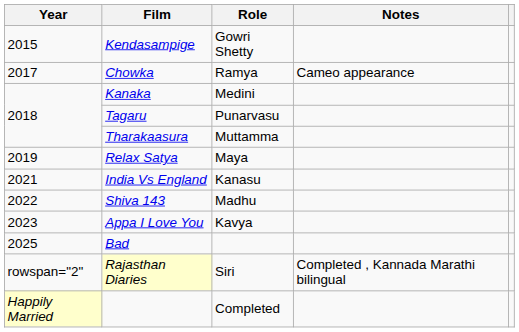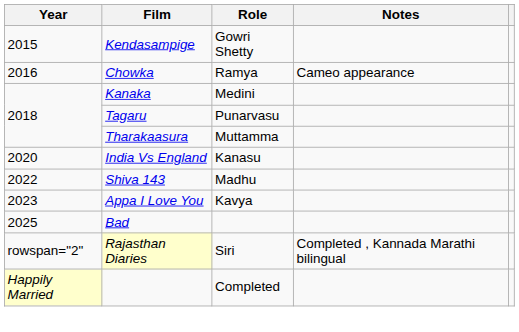 <table class="wikitable sortable">
 <tr>
 <th>Year</th>
 <th>Film</th>
 <th>Role</th>
 <th>Notes</th>
 <th></th>
 </tr>
 <tr>
 <td>2015</td>
 <td><em><a href='#'>Kendasampige</a></em></td>
 <td>Gowri Shetty</td>
 <td></td>
 <td></td>
 </tr>
 <tr>
-<td>2017</td>
+<td>2016</td>
 <td><em><a href='#'>Chowka</a></em></td>
 <td>Ramya</td>
 <td>Cameo appearance</td>
 <td></td>
 </tr>
 <tr>
 <td rowspan="3">2018</td>
 <td><em><a href='#'>Kanaka</a></em></td>
 <td>Medini</td>
 <td></td>
 <td></td>
 </tr>
 <tr>
 <td><em><a href='#'>Tagaru</a></em></td>
 <td>Punarvasu</td>
 <td></td>
 <td></td>
 </tr>
 <tr>
 <td><em><a href='#'>Tharakaasura</a></em></td>
 <td>Muttamma</td>
 <td></td>
 <td></td>
 </tr>
 <tr>
-<td>2019</td>
-<td><em><a href='#'>Relax Satya</a></em></td>
-<td>Maya</td>
-<td></td>
-<td></td>
-</tr>
-<tr>
-<td>2021</td>
+<td>2020</td>
 <td><em><a href='#'>India Vs England</a></em></td>
 <td>Kanasu</td>
 <td></td>
 <td></td>
 </tr>
 <tr>
 <td>2022</td>
 <td><em><a href='#'>Shiva 143</a></em></td>
 <td>Madhu</td>
 <td></td>
 <td></td>
 </tr>
 <tr>
 <td>2023</td>
 <td><em><a href='#'>Appa I Love You</a></em></td>
 <td>Kavya</td>
 <td></td>
 <td></td>
 </tr>
 <tr>
 <td>2025</td>
 <td><em><a href='#'>Bad</a></em></td>
 <td></td>
 <td></td>
 <td></td>
 </tr>
 <tr>
 <td>rowspan="2" </td>
 <td style="background:#FFFFCC;"><em>Rajasthan Diaries</em></td>
 <td>Siri</td>
 <td>Completed , Kannada Marathi bilingual</td>
 <td></td>
 </tr>
 <tr>
 <td style="background:#FFFFCC;"><em>Happily Married</em></td>
 <td></td>
 <td>Completed</td>
 <td></td>
 </tr>
 </table>
